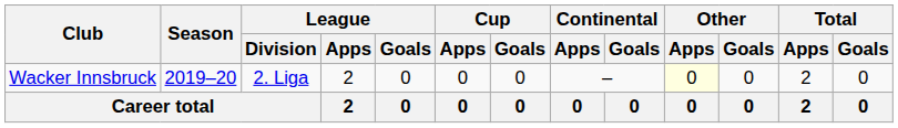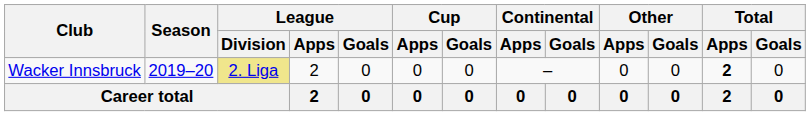 <table class="wikitable" style="text-align: center">
 <tr>
 <th rowspan="2">Club</th>
 <th rowspan="2">Season</th>
 <th colspan="3">League</th>
 <th colspan="2">Cup</th>
 <th colspan="2">Continental</th>
 <th colspan="2">Other</th>
 <th colspan="2">Total</th>
 </tr>
 <tr>
 <th>Division</th>
 <th>Apps</th>
 <th>Goals</th>
 <th>Apps</th>
 <th>Goals</th>
 <th>Apps</th>
 <th>Goals</th>
 <th>Apps</th>
 <th>Goals</th>
 <th>Apps</th>
 <th>Goals</th>
 </tr>
 <tr>
 <td><a href='#'>Wacker Innsbruck</a></td>
 <td><a href='#'>2019–20</a></td>
-<td><a href='#'>2. Liga</a></td>
+<td style="background: khaki;"><a href='#'>2. Liga</a></td>
 <td>2</td>
 <td>0</td>
 <td>0</td>
 <td>0</td>
 <td colspan="2">–</td>
-<td style="background: lightyellow;">0</td>
 <td>0</td>
-<td>2</td>
+<td>0</td>
+<td><strong>2</strong></td>
 <td>0</td>
 </tr>
 <tr>
 <th colspan=3>Career total</th>
 <th>2</th>
 <th>0</th>
 <th>0</th>
 <th>0</th>
 <th>0</th>
 <th>0</th>
 <th>0</th>
 <th>0</th>
 <th>2</th>
 <th>0</th>
 </tr>
 </table>
